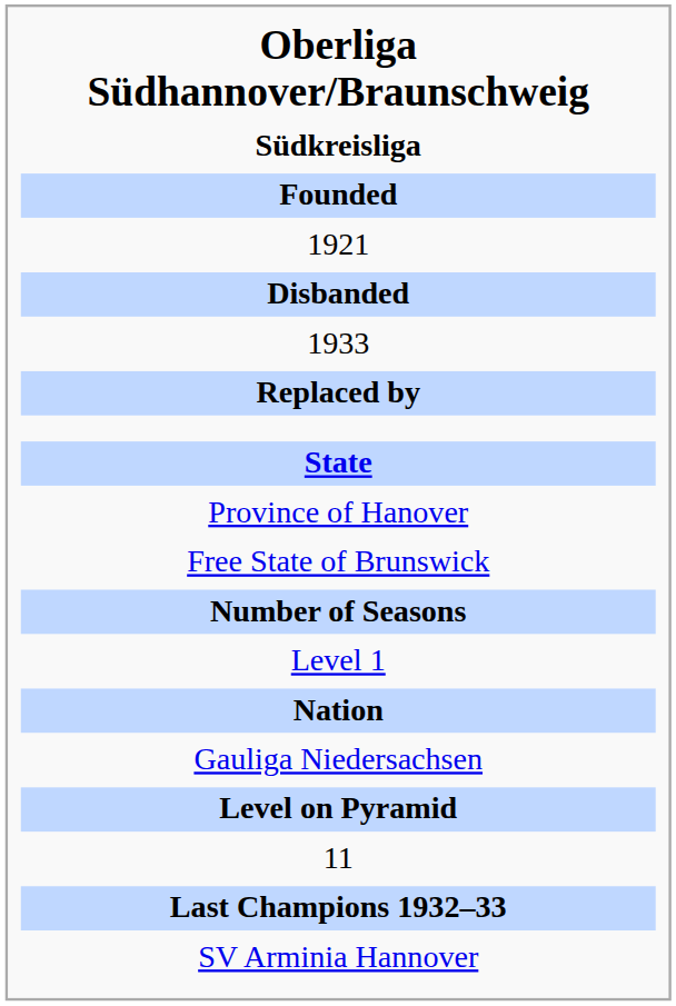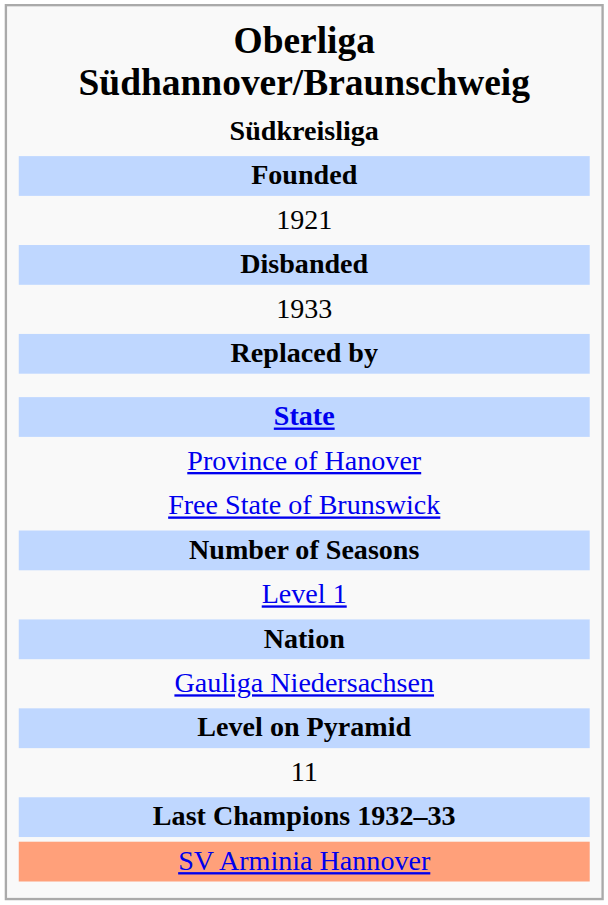 <table class="infobox football" style="width: 16em; text-align: center;">
 <tr>
 <th style="font-size: 16px;">Oberliga Südhannover/Braunschweig</th>
 </tr>
 <tr>
 <th style="font-size: 12px;">Südkreisliga</th>
 </tr>
 <tr>
 <td style="font-size: 12px; background: #BFD7FF;"><strong>Founded</strong></td>
 </tr>
 <tr>
 <td style="font-size: 12px;">1921</td>
 </tr>
 <tr>
 <td style="font-size: 12px; background: #BFD7FF;"><strong>Disbanded</strong></td>
 </tr>
 <tr>
 <td style="font-size: 12px;">1933</td>
 </tr>
 <tr>
 <td style="font-size: 12px; background: #BFD7FF;"><strong>Replaced by</strong></td>
 </tr>
 <tr>
 <td style="font-size: 12px;"></td>
 </tr>
 <tr>
 <td style="font-size: 11px; line-height: 15px;"></td>
 </tr>
 <tr>
 <td style="font-size: 12px; background: #BFD7FF;"><strong><a href='#'>State</a></strong></td>
 </tr>
 <tr>
 <td style="font-size: 12px;"> <a href='#'>Province of Hanover</a></td>
 </tr>
 <tr>
 <td style="font-size: 12px;"> <a href='#'>Free State of Brunswick</a></td>
 </tr>
 <tr>
 <td style="font-size: 12px; background: #BFD7FF;"><strong>Number of Seasons</strong></td>
 </tr>
 <tr>
 <td style="font-size: 12px;"><a href='#'>Level 1</a></td>
 </tr>
 <tr>
 <td style="font-size: 12px; background: #BFD7FF;"><strong>Nation</strong></td>
 </tr>
 <tr>
 <td style="font-size: 12px;"><a href='#'>Gauliga Niedersachsen</a></td>
 </tr>
 <tr>
 <td style="font-size: 12px; background: #BFD7FF;"><strong>Level on Pyramid</strong></td>
 </tr>
 <tr>
 <td style="font-size: 12px;">11</td>
 </tr>
 <tr>
 <td style="font-size: 12px; background: #BFD7FF;"><strong>Last Champions 1932–33</strong></td>
 </tr>
 <tr>
-<td style="font-size: 12px;"><a href='#'>SV Arminia Hannover</a></td>
+<td style="background: lightsalmon; font-size: 12px;"><a href='#'>SV Arminia Hannover</a></td>
 </tr>
 <tr>
 </tr>
 </table>
